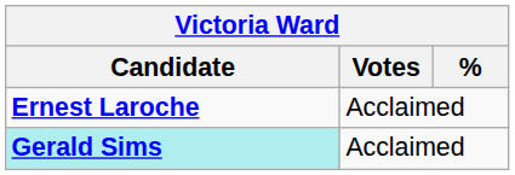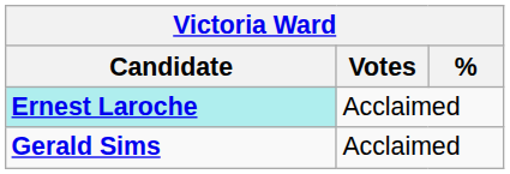 <table class="wikitable">
 <tr>
 <th colspan="3"><a href='#'>Victoria Ward</a></th>
 </tr>
 <tr>
 <th style="width: 200px">Candidate</th>
 <th style="width: 50px">Votes</th>
 <th style="width: 40px">%</th>
 </tr>
 <tr>
-<td><strong><a href='#'>Ernest Laroche</a></strong></td>
+<td style="background: paleturquoise;"><strong><a href='#'>Ernest Laroche</a></strong></td>
 <td colspan="2">Acclaimed</td>
 </tr>
 <tr>
-<td style="background: paleturquoise;"><strong><a href='#'>Gerald Sims</a></strong></td>
+<td><strong><a href='#'>Gerald Sims</a></strong></td>
 <td colspan="2">Acclaimed</td>
 </tr>
 </table>
